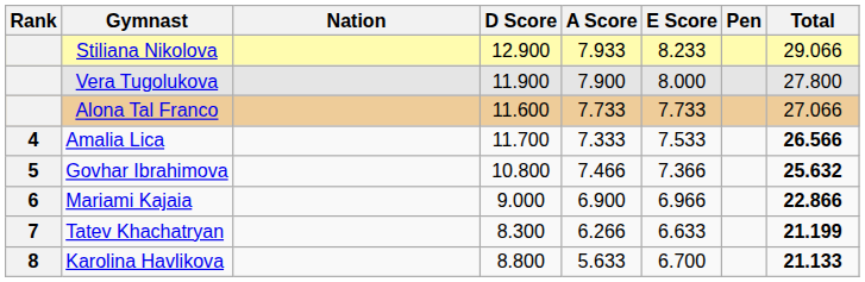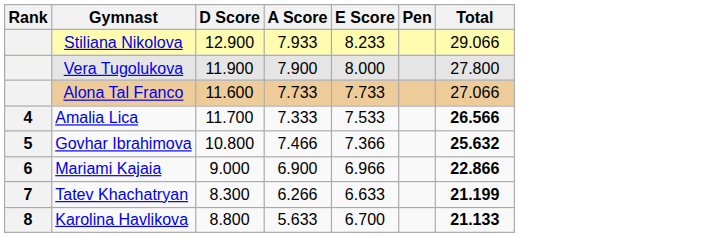 <table class="wikitable sortable" style="text-align:center; font-size:85%">
 <tr>
 <th scope="col" style="width:20px;">Rank</th>
 <th>Gymnast</th>
-<th scope="col" style="width:170px;">Nation</th>
 <th>D Score</th>
 <th>A Score</th>
 <th>E Score</th>
 <th>Pen</th>
 <th scope="col" style="width:60px;">Total</th>
 </tr>
 <tr bgcolor="fffcaf">
 <th scope="row"></th>
 <td><a href='#'>Stiliana Nikolova</a></td>
-<td align="left"></td>
 <td>12.900</td>
 <td>7.933</td>
 <td>8.233</td>
 <td></td>
 <td>29.066</td>
 </tr>
 <tr bgcolor="e5e5e5">
 <th scope="row"></th>
 <td><a href='#'>Vera Tugolukova</a></td>
-<td align="left"></td>
 <td>11.900</td>
 <td>7.900</td>
 <td>8.000</td>
 <td></td>
 <td>27.800</td>
 </tr>
 <tr bgcolor="eecc99">
 <th scope="row"></th>
 <td><a href='#'>Alona Tal Franco</a></td>
-<td align="left"></td>
 <td>11.600</td>
 <td>7.733</td>
 <td>7.733</td>
 <td></td>
 <td>27.066</td>
 </tr>
 <tr>
 <th scope=row>4</th>
 <td align=left><a href='#'>Amalia Lica</a></td>
-<td style="text-align:left;"></td>
 <td>11.700</td>
 <td>7.333</td>
 <td>7.533</td>
 <td></td>
 <td><strong>26.566</strong></td>
 </tr>
 <tr>
 <th scope=row>5</th>
 <td align=left><a href='#'>Govhar Ibrahimova</a></td>
-<td style="text-align:left;"></td>
 <td>10.800</td>
 <td>7.466</td>
 <td>7.366</td>
 <td></td>
 <td><strong>25.632</strong></td>
 </tr>
 <tr>
 <th scope=row>6</th>
 <td align=left><a href='#'>Mariami Kajaia</a></td>
-<td style="text-align:left;"></td>
 <td>9.000</td>
 <td>6.900</td>
 <td>6.966</td>
 <td></td>
 <td><strong>22.866</strong></td>
 </tr>
 <tr>
 <th scope=row>7</th>
 <td align=left><a href='#'>Tatev Khachatryan</a></td>
-<td style="text-align:left;"></td>
 <td>8.300</td>
 <td>6.266</td>
 <td>6.633</td>
 <td></td>
 <td><strong>21.199</strong></td>
 </tr>
 <tr>
 <th scope=row>8</th>
 <td align=left><a href='#'>Karolina Havlikova</a></td>
-<td style="text-align:left;"></td>
 <td>8.800</td>
 <td>5.633</td>
 <td>6.700</td>
 <td></td>
 <td><strong>21.133</strong></td>
 </tr>
 </table>
